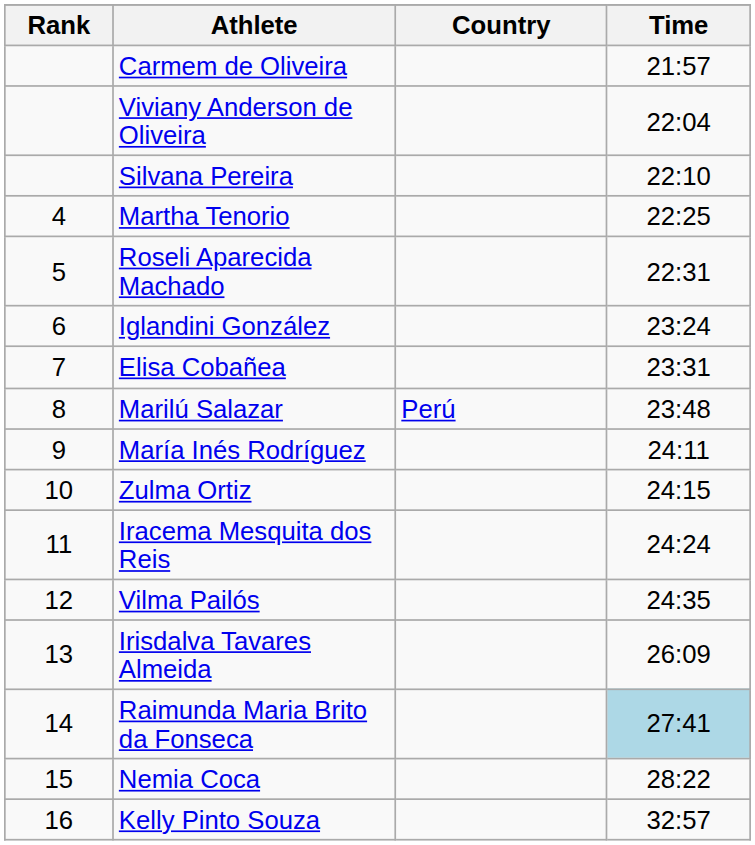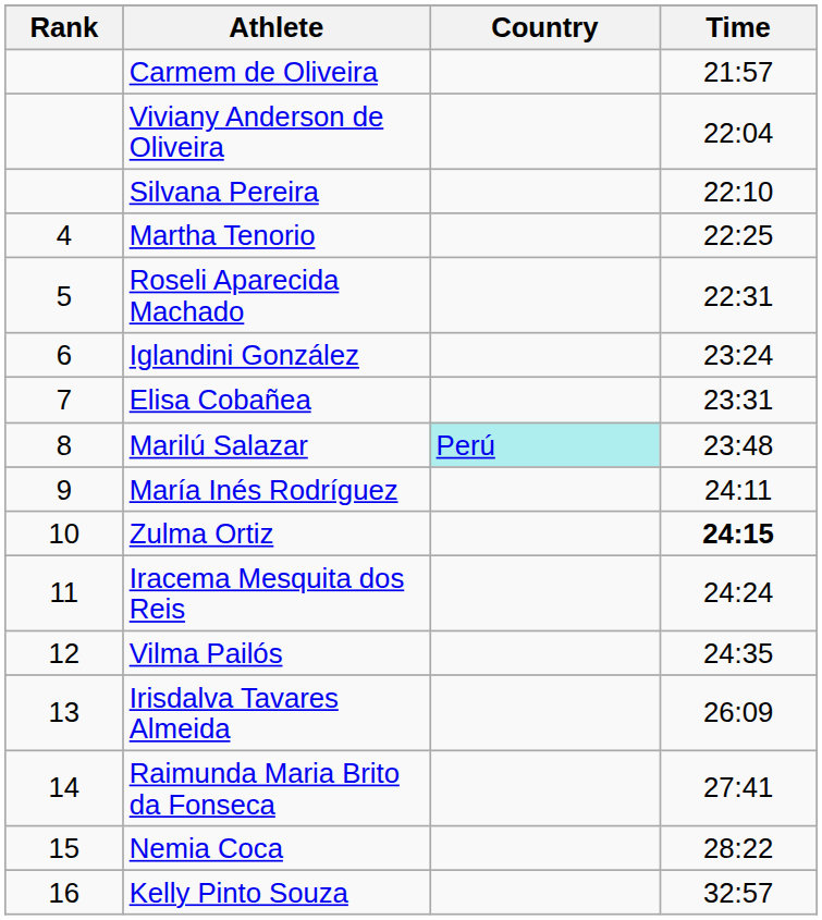 <table class="wikitable sortable" style=" text-align:center; font-size:95%;" width="50%">
 <tr>
 </tr>
 <tr>
 <th width=5%>Rank</th>
 <th width=20%>Athlete</th>
 <th width=15%>Country</th>
 <th width=10%>Time</th>
 </tr>
 <tr>
 <td align=center></td>
 <td align=left><a href='#'>Carmem de Oliveira</a></td>
 <td align=left></td>
 <td>21:57</td>
 </tr>
 <tr>
 <td align=center></td>
 <td align=left><a href='#'>Viviany Anderson de Oliveira</a></td>
 <td align=left></td>
 <td>22:04</td>
 </tr>
 <tr>
 <td align=center></td>
 <td align=left><a href='#'>Silvana Pereira</a></td>
 <td align=left></td>
 <td>22:10</td>
 </tr>
 <tr>
 <td align=center>4</td>
 <td align=left><a href='#'>Martha Tenorio</a></td>
 <td align=left></td>
 <td>22:25</td>
 </tr>
 <tr>
 <td align=center>5</td>
 <td align=left><a href='#'>Roseli Aparecida Machado</a></td>
 <td align=left></td>
 <td>22:31</td>
 </tr>
 <tr>
 <td align=center>6</td>
 <td align=left><a href='#'>Iglandini González</a></td>
 <td align=left></td>
 <td>23:24</td>
 </tr>
 <tr>
 <td align=center>7</td>
 <td align=left><a href='#'>Elisa Cobañea</a></td>
 <td align=left></td>
 <td>23:31</td>
 </tr>
 <tr>
 <td align=center>8</td>
 <td align=left><a href='#'>Marilú Salazar</a></td>
-<td align=left> <a href='#'>Perú</a></td>
+<td align=left style="background: paleturquoise;"> <a href='#'>Perú</a></td>
 <td>23:48</td>
 </tr>
 <tr>
 <td align=center>9</td>
 <td align=left><a href='#'>María Inés Rodríguez</a></td>
 <td align=left></td>
 <td>24:11</td>
 </tr>
 <tr>
 <td align=center>10</td>
 <td align=left><a href='#'>Zulma Ortiz</a></td>
 <td align=left></td>
-<td>24:15</td>
+<td><strong>24:15</strong></td>
 </tr>
 <tr>
 <td align=center>11</td>
 <td align=left><a href='#'>Iracema Mesquita dos Reis</a></td>
 <td align=left></td>
 <td>24:24</td>
 </tr>
 <tr>
 <td align=center>12</td>
 <td align=left><a href='#'>Vilma Pailós</a></td>
 <td align=left></td>
 <td>24:35</td>
 </tr>
 <tr>
 <td align=center>13</td>
 <td align=left><a href='#'>Irisdalva Tavares Almeida</a></td>
 <td align=left></td>
 <td>26:09</td>
 </tr>
 <tr>
 <td align=center>14</td>
 <td align=left><a href='#'>Raimunda Maria Brito da Fonseca</a></td>
 <td align=left></td>
-<td style="background: lightblue;">27:41</td>
+<td>27:41</td>
 </tr>
 <tr>
 <td align=center>15</td>
 <td align=left><a href='#'>Nemia Coca</a></td>
 <td align=left></td>
 <td>28:22</td>
 </tr>
 <tr>
 <td align=center>16</td>
 <td align=left><a href='#'>Kelly Pinto Souza</a></td>
 <td align=left></td>
 <td>32:57</td>
 </tr>
 </table>
